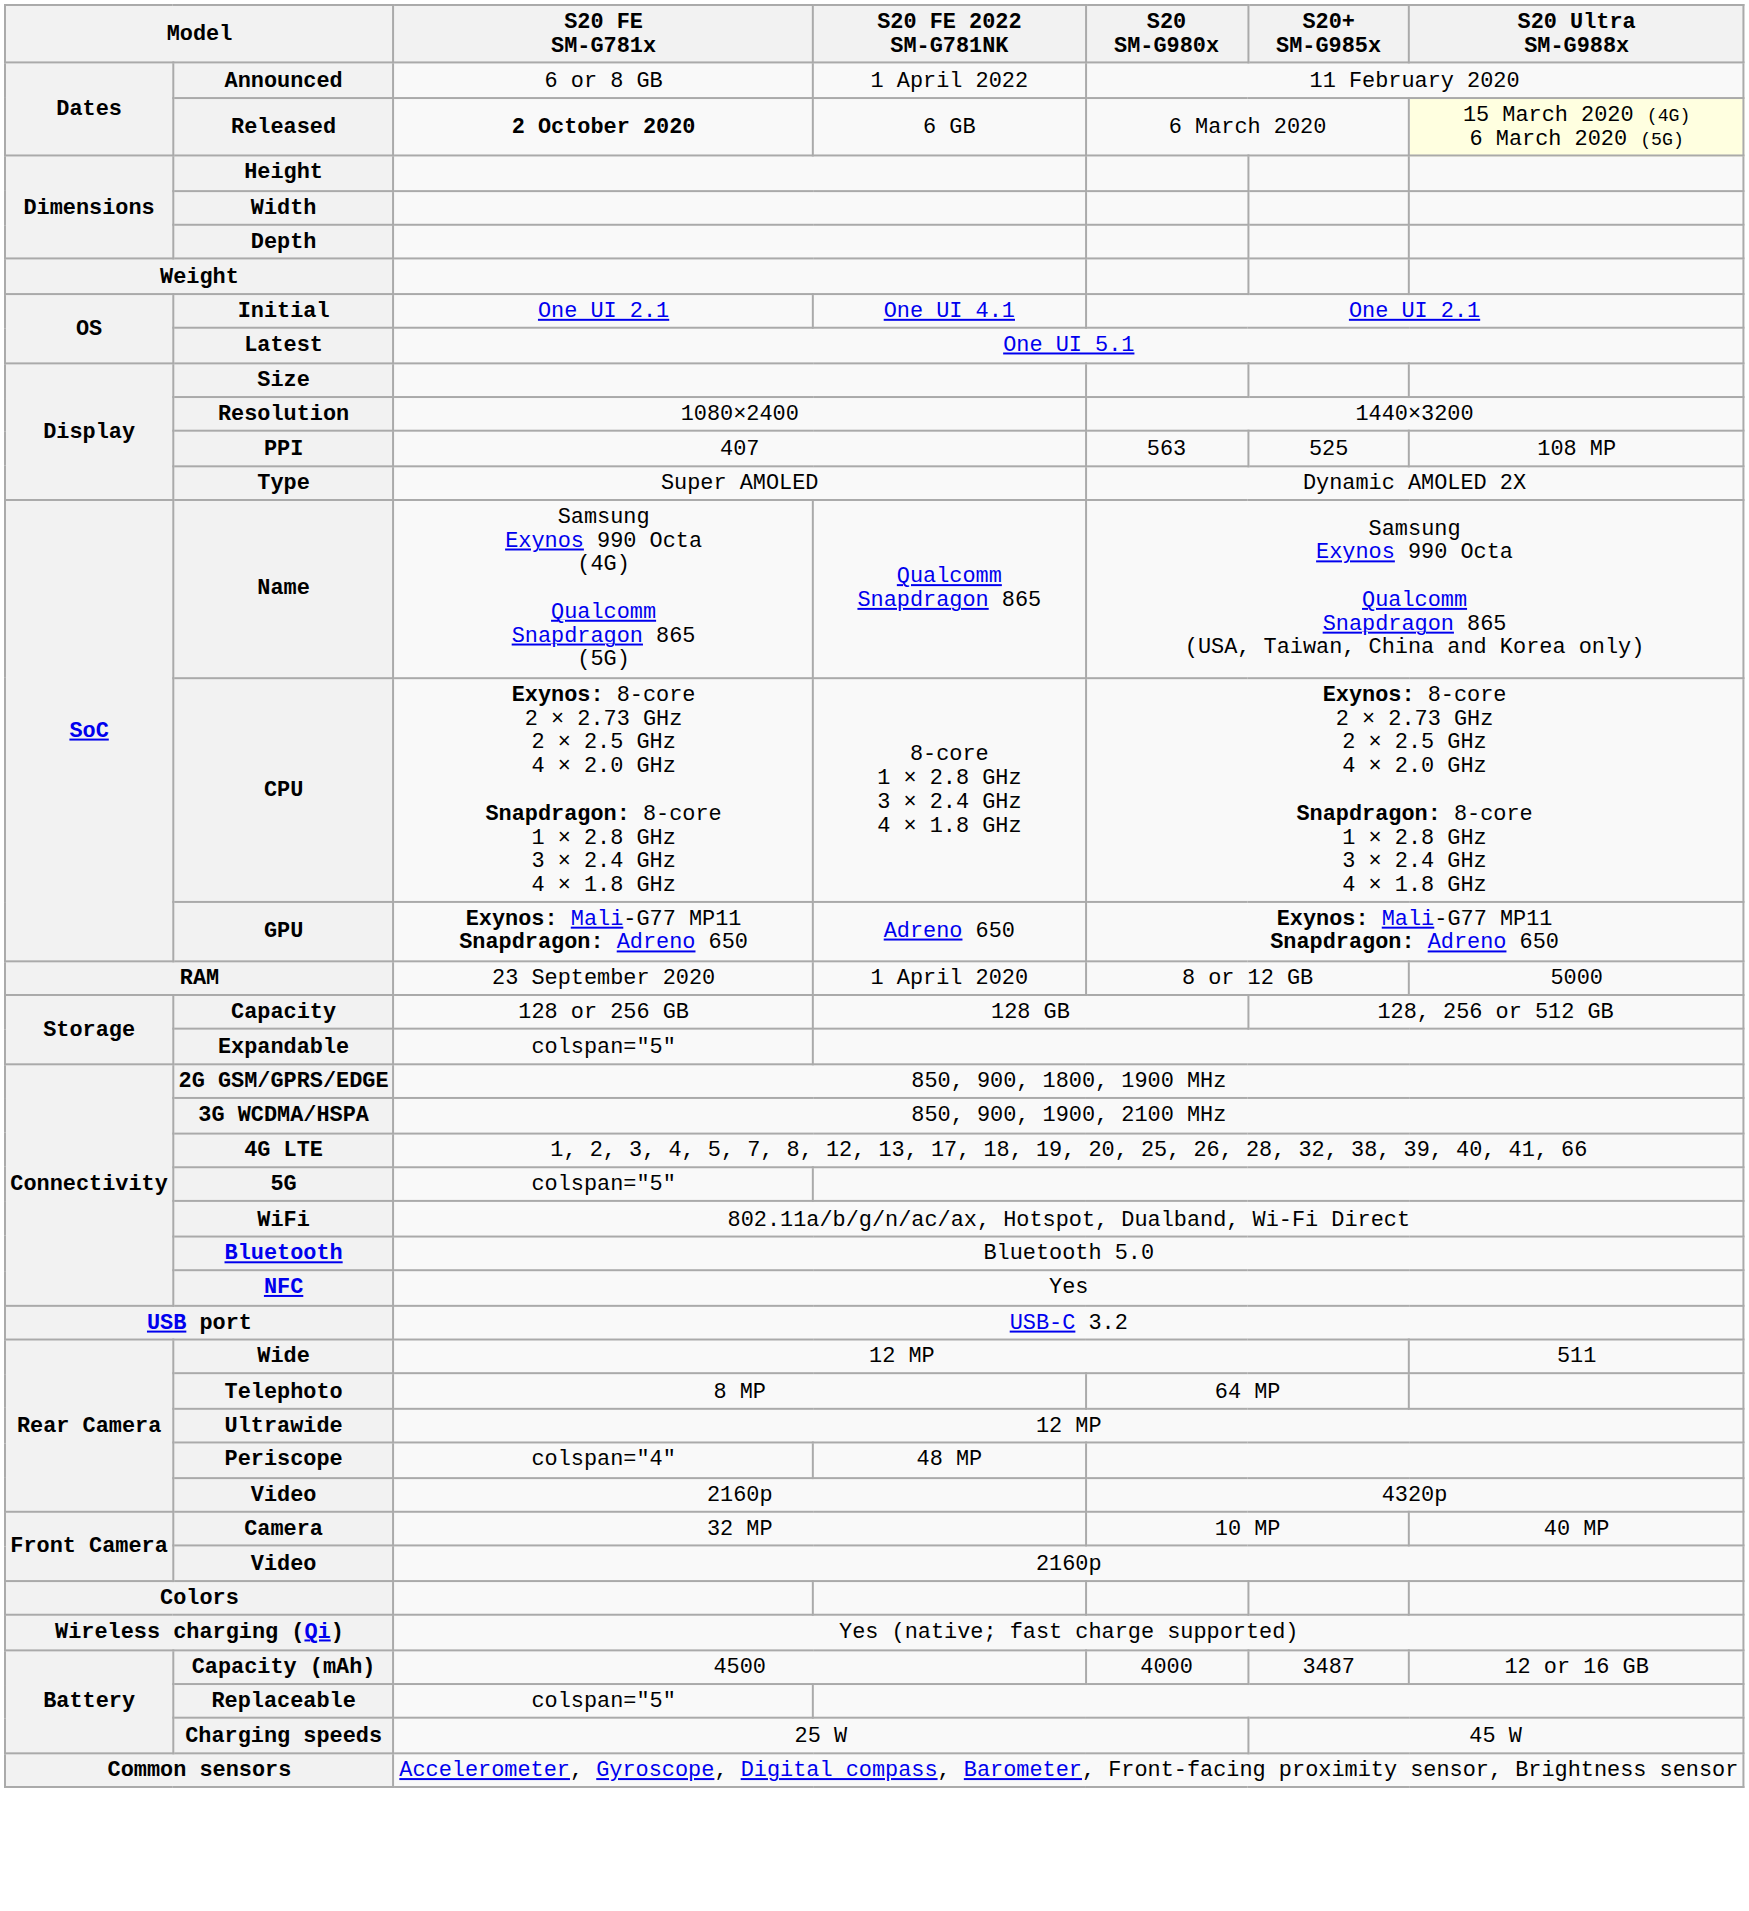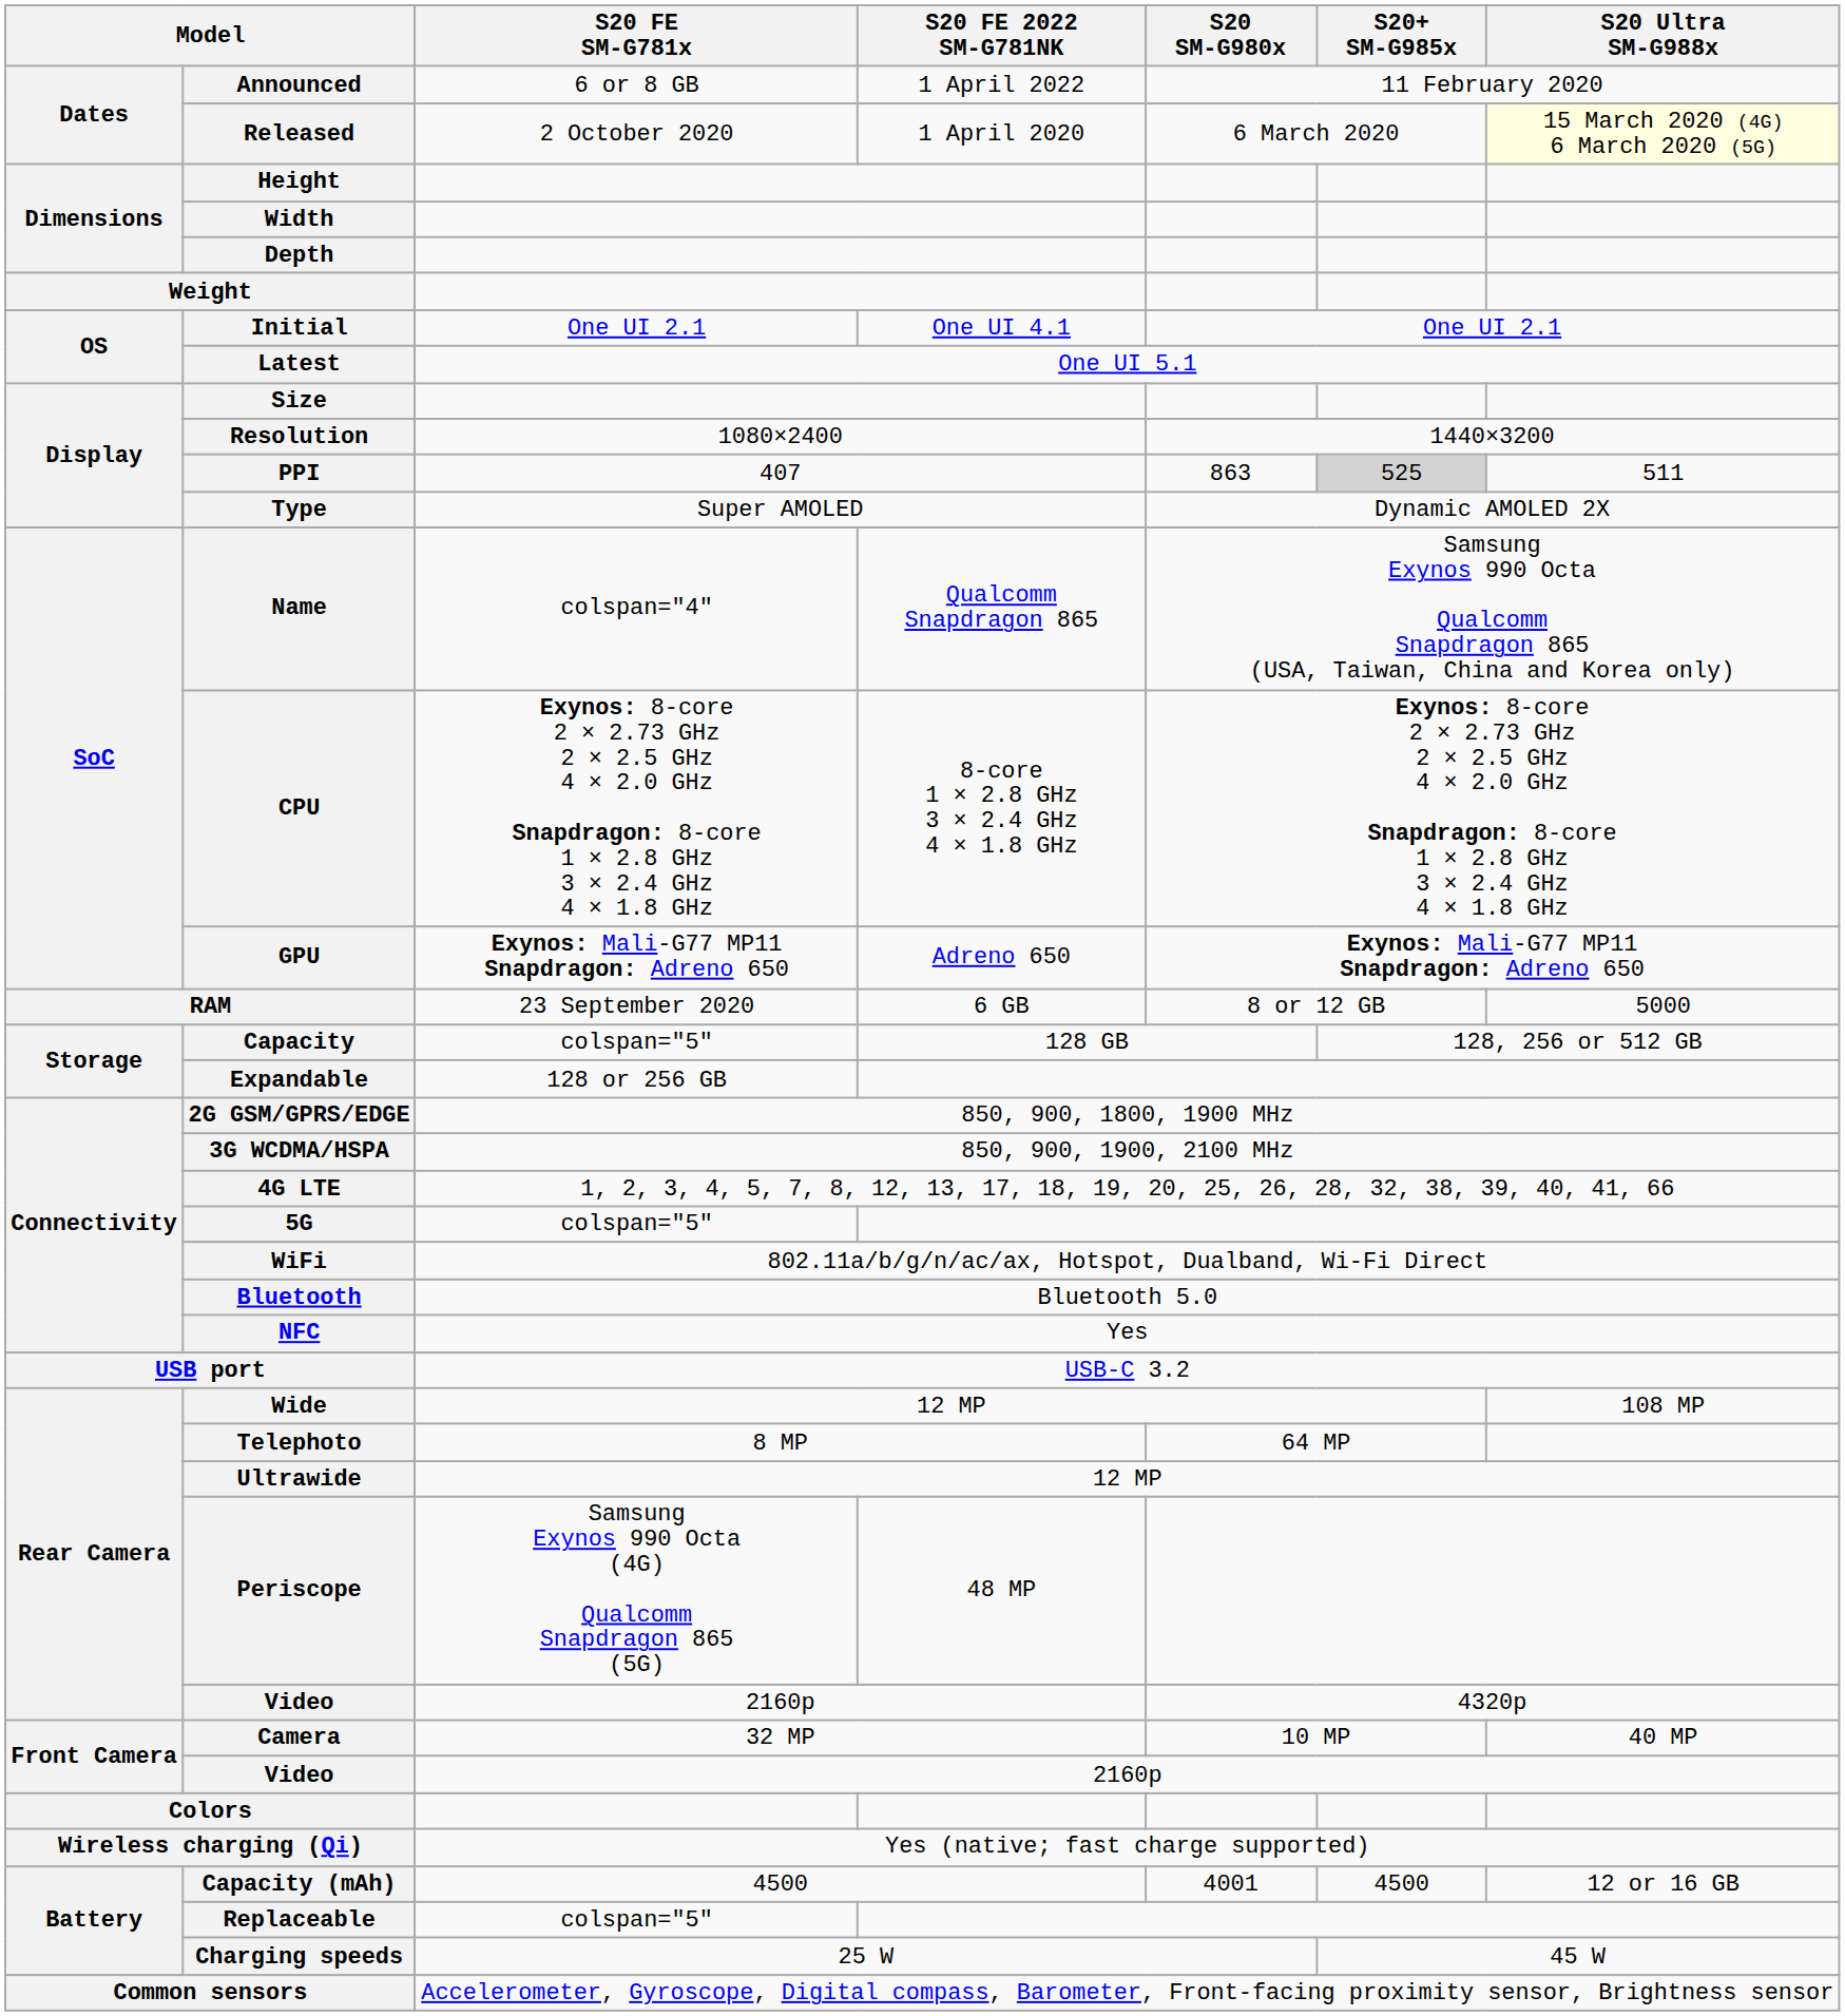 <table class="wikitable" style="text-align: center; font-size:85%">
 <tr>
 <th colspan="2">Model</th>
 <th>S20 FE<br>SM-G781x</th>
 <th>S20 FE 2022<br>SM-G781NK</th>
 <th>S20<br>SM-G980x</th>
 <th>S20+<br>SM-G985x</th>
 <th>S20 Ultra<br>SM-G988x</th>
 </tr>
 <tr>
 <th rowspan="2">Dates</th>
 <th>Announced</th>
 <td>6 or 8 GB</td>
 <td>1 April 2022</td>
 <td colspan="3">11 February 2020</td>
 </tr>
 <tr>
 <th>Released</th>
-<td><strong>2 October 2020</strong></td>
-<td>6 GB</td>
+<td>2 October 2020</td>
+<td>1 April 2020</td>
 <td colspan="2">6 March 2020</td>
 <td style="background: lightyellow;">15 March 2020 <small>(4G)</small><br>6 March 2020 <small>(5G)</small></td>
 </tr>
 <tr>
 <th rowspan="3">Dimensions<br></th>
 <th>Height</th>
 <td colspan="2"></td>
 <td></td>
 <td></td>
 <td></td>
 </tr>
 <tr>
 <th>Width</th>
 <td colspan="2"></td>
 <td></td>
 <td></td>
 <td></td>
 </tr>
 <tr>
 <th>Depth</th>
 <td colspan="2"></td>
 <td></td>
 <td></td>
 <td></td>
 </tr>
 <tr>
 <th colspan="2">Weight<br></th>
 <td colspan="2"></td>
 <td></td>
 <td></td>
 <td></td>
 </tr>
 <tr>
 <th rowspan="2" title="Operating System">OS</th>
 <th>Initial</th>
 <td><a href='#'>One UI 2.1</a><br></td>
 <td><a href='#'>One UI 4.1</a><br></td>
 <td colspan="3"><a href='#'>One UI 2.1</a><br></td>
 </tr>
 <tr>
 <th>Latest</th>
 <td colspan="5"><a href='#'>One UI 5.1</a><br></td>
 </tr>
 <tr>
 <th rowspan="4">Display</th>
 <th>Size</th>
 <td colspan="2"></td>
 <td></td>
 <td></td>
 <td></td>
 </tr>
 <tr>
 <th>Resolution</th>
 <td colspan="2">1080×2400</td>
 <td colspan="3">1440×3200</td>
 </tr>
 <tr>
 <th title="Pixels per Inch">PPI</th>
 <td colspan="2">407</td>
-<td>563</td>
-<td>525</td>
-<td>108 MP</td>
+<td>863</td>
+<td style="background: lightgrey;">525</td>
+<td>511</td>
 </tr>
 <tr>
 <th>Type</th>
 <td colspan="2">Super AMOLED</td>
 <td colspan="3">Dynamic AMOLED 2X</td>
 </tr>
 <tr>
 <th rowspan="3"><a href='#'>SoC</a></th>
 <th>Name</th>
-<td>Samsung<br><a href='#'>Exynos</a> 990 Octa<br>(4G)<br><br><a href='#'>Qualcomm</a><br><a href='#'>Snapdragon</a> 865<br>(5G)</td>
+<td>colspan="4" </td>
 <td><a href='#'>Qualcomm</a><br><a href='#'>Snapdragon</a> 865</td>
 <td colspan="3">Samsung<br><a href='#'>Exynos</a> 990 Octa<br><br><a href='#'>Qualcomm</a><br><a href='#'>Snapdragon</a> 865<br>(USA, Taiwan, China and Korea only)</td>
 </tr>
 <tr>
 <th>CPU</th>
 <td><strong>Exynos:</strong> 8-core<br>2 × 2.73 GHz<br>2 × 2.5 GHz<br>4 × 2.0 GHz<br><br><strong>Snapdragon:</strong> 8-core<br>1 × 2.8 GHz<br>3 × 2.4 GHz<br>4 × 1.8 GHz</td>
 <td>8-core<br>1 × 2.8 GHz<br>3 × 2.4 GHz<br>4 × 1.8 GHz</td>
 <td colspan="3"><strong>Exynos:</strong> 8-core<br>2 × 2.73 GHz<br>2 × 2.5 GHz<br>4 × 2.0 GHz<br><br><strong>Snapdragon:</strong> 8-core<br>1 × 2.8 GHz<br>3 × 2.4 GHz<br>4 × 1.8 GHz</td>
 </tr>
 <tr>
 <th>GPU</th>
 <td colspan="1"><strong>Exynos:</strong> <a href='#'>Mali</a>-G77 MP11<br><strong>Snapdragon:</strong> <a href='#'>Adreno</a> 650</td>
 <td colspan="1"><a href='#'>Adreno</a> 650</td>
 <td colspan="3"><strong>Exynos:</strong> <a href='#'>Mali</a>-G77 MP11<br><strong>Snapdragon:</strong> <a href='#'>Adreno</a> 650</td>
 </tr>
 <tr>
 <th colspan="2">RAM</th>
 <td>23 September 2020</td>
-<td>1 April 2020</td>
+<td>6 GB</td>
 <td colspan="2">8 or 12 GB</td>
 <td>5000</td>
 </tr>
 <tr>
 <th rowspan="2">Storage</th>
 <th>Capacity</th>
-<td>128 or 256 GB</td>
+<td>colspan="5" </td>
 <td colspan="2">128 GB</td>
 <td colspan="2">128, 256 or 512 GB</td>
 </tr>
 <tr>
 <th>Expandable</th>
-<td>colspan="5" </td>
+<td>128 or 256 GB</td>
 </tr>
 <tr>
 <th rowspan="7">Connectivity</th>
 <th>2G GSM/GPRS/EDGE</th>
 <td colspan="5">850, 900, 1800, 1900 MHz</td>
 </tr>
 <tr>
 <th>3G WCDMA/HSPA</th>
 <td colspan="5">850, 900, 1900, 2100 MHz</td>
 </tr>
 <tr>
 <th>4G LTE</th>
 <td colspan="5">1, 2, 3, 4, 5, 7, 8, 12, 13, 17, 18, 19, 20, 25, 26, 28, 32, 38, 39, 40, 41, 66</td>
 </tr>
 <tr>
 <th>5G</th>
 <td>colspan="5" </td>
 </tr>
 <tr>
 <th>WiFi</th>
 <td colspan="5">802.11a/b/g/n/ac/ax, Hotspot, Dualband, Wi-Fi Direct</td>
 </tr>
 <tr>
 <th><a href='#'>Bluetooth</a></th>
 <td colspan="5">Bluetooth 5.0</td>
 </tr>
 <tr>
 <th><a href='#'>NFC</a></th>
 <td colspan="5">Yes</td>
 </tr>
 <tr>
 <th colspan="2"><a href='#'>USB</a> port</th>
 <td colspan="5"><a href='#'>USB-C</a> 3.2</td>
 </tr>
 <tr>
 <th rowspan="5">Rear Camera</th>
 <th>Wide</th>
 <td colspan="4">12 MP</td>
-<td>511</td>
+<td>108 MP</td>
 </tr>
 <tr>
 <th>Telephoto</th>
 <td colspan="2">8 MP</td>
 <td colspan="2">64 MP</td>
 <td></td>
 </tr>
 <tr>
 <th>Ultrawide</th>
 <td colspan="5">12 MP</td>
 </tr>
 <tr>
 <th>Periscope</th>
-<td>colspan="4" </td>
+<td>Samsung<br><a href='#'>Exynos</a> 990 Octa<br>(4G)<br><br><a href='#'>Qualcomm</a><br><a href='#'>Snapdragon</a> 865<br>(5G)</td>
 <td>48 MP</td>
 </tr>
 <tr>
 <th>Video</th>
 <td colspan="2">2160p</td>
 <td colspan="3">4320p</td>
 </tr>
 <tr>
 <th rowspan="2">Front Camera</th>
 <th>Camera</th>
 <td colspan="2">32 MP</td>
 <td colspan="2">10 MP</td>
 <td>40 MP</td>
 </tr>
 <tr>
 <th>Video</th>
 <td colspan="5">2160p</td>
 </tr>
 <tr>
 <th colspan="2">Colors</th>
 <td></td>
 <td></td>
 <td></td>
 <td></td>
 <td></td>
 </tr>
 <tr>
 <th colspan="2">Wireless charging (<a href='#'>Qi</a>)</th>
 <td colspan="5">Yes (native; fast charge supported)</td>
 </tr>
 <tr>
 <th rowspan="3">Battery</th>
 <th>Capacity (mAh)</th>
 <td colspan="2">4500</td>
-<td>4000</td>
-<td>3487</td>
+<td>4001</td>
+<td>4500</td>
 <td>12 or 16 GB</td>
 </tr>
 <tr>
 <th>Replaceable</th>
 <td>colspan="5" </td>
 </tr>
 <tr>
 <th>Charging speeds</th>
 <td colspan="3">25 W</td>
 <td colspan="2">45 W</td>
 </tr>
 <tr>
 <th colspan="2">Common sensors</th>
 <td colspan="5"><a href='#'>Accelerometer</a>, <a href='#'>Gyroscope</a>, <a href='#'>Digital compass</a>, <a href='#'>Barometer</a>, Front-facing proximity sensor, Brightness sensor</td>
 </tr>
 </table>
